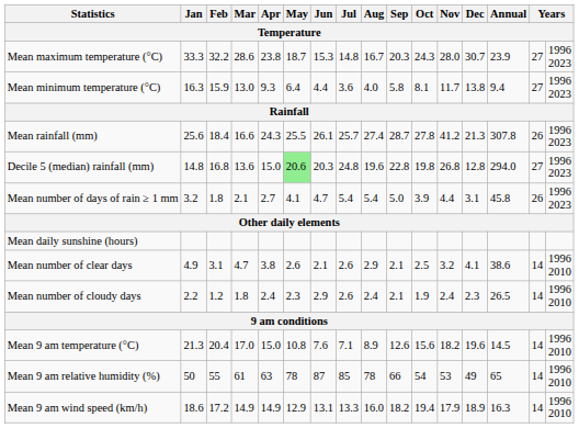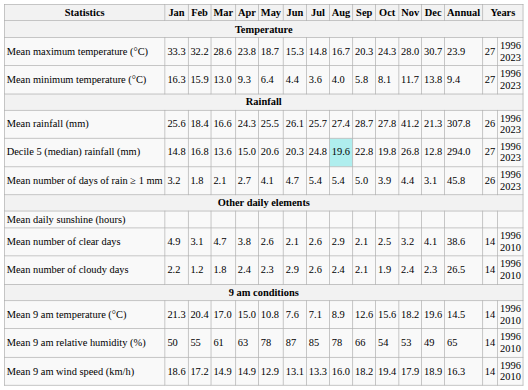 <table class="wikitable">
 <tr>
 <th>Statistics</th>
 <th><abbr>Jan</abbr></th>
 <th><abbr>Feb</abbr></th>
 <th><abbr>Mar</abbr></th>
 <th><abbr>Apr</abbr></th>
 <th>May</th>
 <th><abbr>Jun</abbr></th>
 <th><abbr>Jul</abbr></th>
 <th><abbr>Aug</abbr></th>
 <th><abbr>Sep</abbr></th>
 <th><abbr>Oct</abbr></th>
 <th><abbr>Nov</abbr></th>
 <th><abbr>Dec</abbr></th>
 <th>Annual</th>
 <th colspan="2"><abbr>Years</abbr></th>
 </tr>
 <tr>
 <th colspan="16">Temperature</th>
 </tr>
 <tr>
 <td>Mean maximum temperature (°C)</td>
 <td>33.3</td>
 <td>32.2</td>
 <td>28.6</td>
 <td>23.8</td>
 <td>18.7</td>
 <td>15.3</td>
 <td>14.8</td>
 <td>16.7</td>
 <td>20.3</td>
 <td>24.3</td>
 <td>28.0</td>
 <td>30.7</td>
 <td>23.9</td>
 <td>27</td>
 <td>1996<br>2023</td>
 </tr>
 <tr>
 <td>Mean minimum temperature (°C)</td>
 <td>16.3</td>
 <td>15.9</td>
 <td>13.0</td>
 <td>9.3</td>
 <td>6.4</td>
 <td>4.4</td>
 <td>3.6</td>
 <td>4.0</td>
 <td>5.8</td>
 <td>8.1</td>
 <td>11.7</td>
 <td>13.8</td>
 <td>9.4</td>
 <td>27</td>
 <td>1996<br>2023</td>
 </tr>
 <tr>
 <th colspan="16">Rainfall</th>
 </tr>
 <tr>
 <td>Mean rainfall (mm)</td>
 <td>25.6</td>
 <td>18.4</td>
 <td>16.6</td>
 <td>24.3</td>
 <td>25.5</td>
 <td>26.1</td>
 <td>25.7</td>
 <td>27.4</td>
 <td>28.7</td>
 <td>27.8</td>
 <td>41.2</td>
 <td>21.3</td>
 <td>307.8</td>
 <td>26</td>
 <td>1996<br>2023</td>
 </tr>
 <tr>
 <td>Decile 5 (median) rainfall (mm)</td>
 <td>14.8</td>
 <td>16.8</td>
 <td>13.6</td>
 <td>15.0</td>
-<td style="background: lightgreen;">20.6</td>
+<td>20.6</td>
 <td>20.3</td>
 <td>24.8</td>
-<td>19.6</td>
+<td style="background: paleturquoise;">19.6</td>
 <td>22.8</td>
 <td>19.8</td>
 <td>26.8</td>
 <td>12.8</td>
 <td>294.0</td>
 <td>27</td>
 <td>1996<br>2023</td>
 </tr>
 <tr>
 <td>Mean number of days of rain ≥ 1 mm</td>
 <td>3.2</td>
 <td>1.8</td>
 <td>2.1</td>
 <td>2.7</td>
 <td>4.1</td>
 <td>4.7</td>
 <td>5.4</td>
 <td>5.4</td>
 <td>5.0</td>
 <td>3.9</td>
 <td>4.4</td>
 <td>3.1</td>
 <td>45.8</td>
 <td>26</td>
 <td>1996<br>2023</td>
 </tr>
 <tr>
 <th colspan="16">Other daily elements</th>
 </tr>
 <tr>
 <td>Mean daily sunshine (hours)</td>
 <td></td>
 <td></td>
 <td></td>
 <td></td>
 <td></td>
 <td></td>
 <td></td>
 <td></td>
 <td></td>
 <td></td>
 <td></td>
 <td></td>
 <td></td>
 <td></td>
 <td></td>
 </tr>
 <tr>
 <td>Mean number of clear days</td>
 <td>4.9</td>
 <td>3.1</td>
 <td>4.7</td>
 <td>3.8</td>
 <td>2.6</td>
 <td>2.1</td>
 <td>2.6</td>
 <td>2.9</td>
 <td>2.1</td>
 <td>2.5</td>
 <td>3.2</td>
 <td>4.1</td>
 <td>38.6</td>
 <td>14</td>
 <td>1996<br>2010</td>
 </tr>
 <tr>
 <td>Mean number of cloudy days</td>
 <td>2.2</td>
 <td>1.2</td>
 <td>1.8</td>
 <td>2.4</td>
 <td>2.3</td>
 <td>2.9</td>
 <td>2.6</td>
 <td>2.4</td>
 <td>2.1</td>
 <td>1.9</td>
 <td>2.4</td>
 <td>2.3</td>
 <td>26.5</td>
 <td>14</td>
 <td>1996<br>2010</td>
 </tr>
 <tr>
 <th colspan="16">9 am conditions</th>
 </tr>
 <tr>
 <td>Mean 9 am temperature (°C)</td>
 <td>21.3</td>
 <td>20.4</td>
 <td>17.0</td>
 <td>15.0</td>
 <td>10.8</td>
 <td>7.6</td>
 <td>7.1</td>
 <td>8.9</td>
 <td>12.6</td>
 <td>15.6</td>
 <td>18.2</td>
 <td>19.6</td>
 <td>14.5</td>
 <td>14</td>
 <td>1996<br>2010</td>
 </tr>
 <tr>
 <td>Mean 9 am relative humidity (%)</td>
 <td>50</td>
 <td>55</td>
 <td>61</td>
 <td>63</td>
 <td>78</td>
 <td>87</td>
 <td>85</td>
 <td>78</td>
 <td>66</td>
 <td>54</td>
 <td>53</td>
 <td>49</td>
 <td>65</td>
 <td>14</td>
 <td>1996<br>2010</td>
 </tr>
 <tr>
 <td>Mean 9 am wind speed (km/h)</td>
 <td>18.6</td>
 <td>17.2</td>
 <td>14.9</td>
 <td>14.9</td>
 <td>12.9</td>
 <td>13.1</td>
 <td>13.3</td>
 <td>16.0</td>
 <td>18.2</td>
 <td>19.4</td>
 <td>17.9</td>
 <td>18.9</td>
 <td>16.3</td>
 <td>14</td>
 <td>1996<br>2010</td>
 </tr>
 </table>
